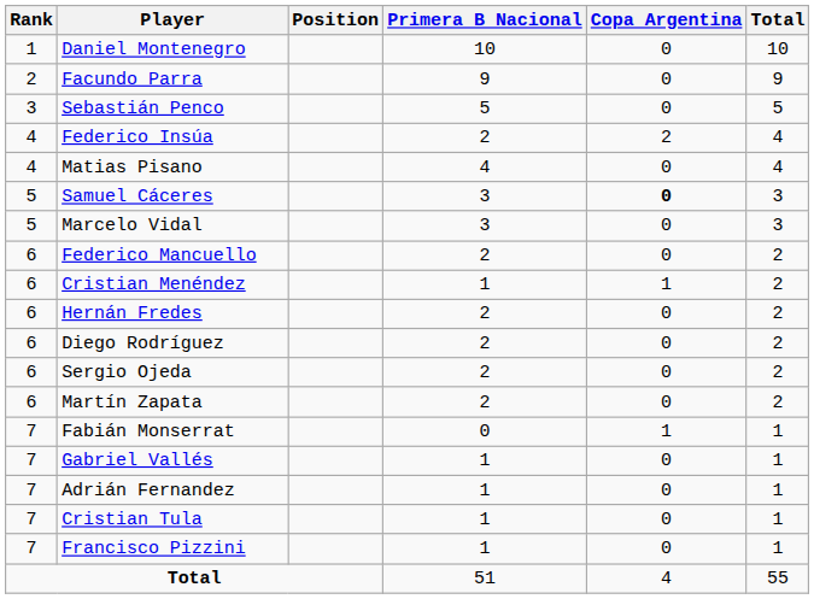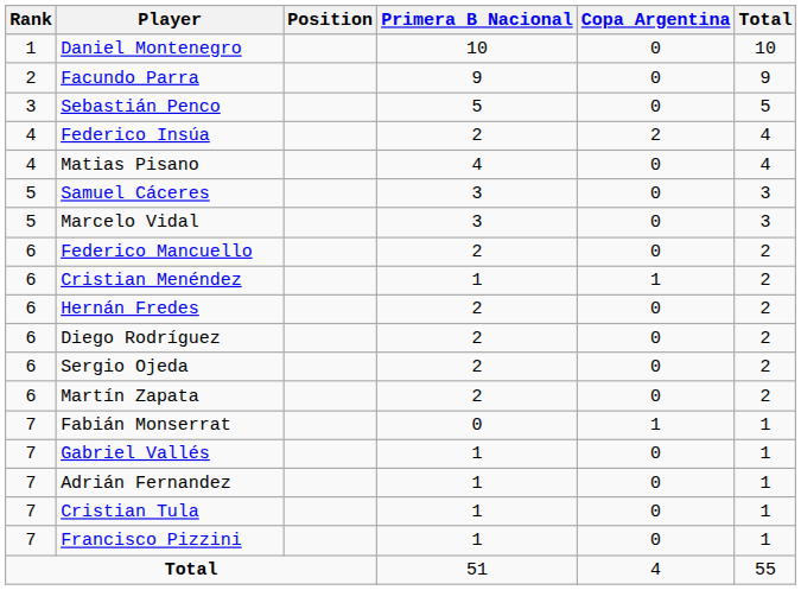 <table class="wikitable">
 <tr>
 <th>Rank</th>
 <th style="width:160px;">Player</th>
 <th>Position</th>
 <th><a href='#'>Primera B Nacional</a></th>
 <th><a href='#'>Copa Argentina</a></th>
 <th>Total</th>
 </tr>
 <tr>
 <td align=center>1</td>
 <td> <a href='#'>Daniel Montenegro</a></td>
 <td align=center></td>
 <td align=center>10</td>
 <td align=center>0</td>
 <td align=center>10</td>
 </tr>
 <tr>
 <td align=center>2</td>
 <td> <a href='#'>Facundo Parra</a></td>
 <td align=center></td>
 <td align=center>9</td>
 <td align=center>0</td>
 <td align=center>9</td>
 </tr>
 <tr>
 <td align=center>3</td>
 <td> <a href='#'>Sebastián Penco</a></td>
 <td align=center></td>
 <td align=center>5</td>
 <td align=center>0</td>
 <td align=center>5</td>
 </tr>
 <tr>
 <td align=center>4</td>
 <td> <a href='#'>Federico Insúa</a></td>
 <td align=center></td>
 <td align=center>2</td>
 <td align=center>2</td>
 <td align=center>4</td>
 </tr>
 <tr>
 <td align=center>4</td>
 <td> Matias Pisano</td>
 <td align=center></td>
 <td align=center>4</td>
 <td align=center>0</td>
 <td align=center>4</td>
 </tr>
 <tr>
 <td align=center>5</td>
 <td> <a href='#'>Samuel Cáceres</a></td>
 <td align=center></td>
 <td align=center>3</td>
-<td align=center><strong>0</strong></td>
+<td align=center>0</td>
 <td align=center>3</td>
 </tr>
 <tr>
 <td align=center>5</td>
 <td> Marcelo Vidal</td>
 <td align=center></td>
 <td align=center>3</td>
 <td align=center>0</td>
 <td align=center>3</td>
 </tr>
 <tr>
 <td align=center>6</td>
 <td> <a href='#'>Federico Mancuello</a></td>
 <td align=center></td>
 <td align=center>2</td>
 <td align=center>0</td>
 <td align=center>2</td>
 </tr>
 <tr>
 <td align=center>6</td>
 <td> <a href='#'>Cristian Menéndez</a></td>
 <td align=center></td>
 <td align=center>1</td>
 <td align=center>1</td>
 <td align=center>2</td>
 </tr>
 <tr>
 <td align=center>6</td>
 <td> <a href='#'>Hernán Fredes</a></td>
 <td align=center></td>
 <td align=center>2</td>
 <td align=center>0</td>
 <td align=center>2</td>
 </tr>
 <tr>
 <td align=center>6</td>
 <td> Diego Rodríguez</td>
 <td align=center></td>
 <td align=center>2</td>
 <td align=center>0</td>
 <td align=center>2</td>
 </tr>
 <tr>
 <td align=center>6</td>
 <td> Sergio Ojeda</td>
 <td align=center></td>
 <td align=center>2</td>
 <td align=center>0</td>
 <td align=center>2</td>
 </tr>
 <tr>
 <td align=center>6</td>
 <td> Martín Zapata</td>
 <td align=center></td>
 <td align=center>2</td>
 <td align=center>0</td>
 <td align=center>2</td>
 </tr>
 <tr>
 <td align=center>7</td>
 <td> Fabián Monserrat</td>
 <td align=center></td>
 <td align=center>0</td>
 <td align=center>1</td>
 <td align=center>1</td>
 </tr>
 <tr>
 <td align=center>7</td>
 <td> <a href='#'>Gabriel Vallés</a></td>
 <td align=center></td>
 <td align=center>1</td>
 <td align=center>0</td>
 <td align=center>1</td>
 </tr>
 <tr>
 <td align=center>7</td>
 <td> Adrián Fernandez</td>
 <td align=center></td>
 <td align=center>1</td>
 <td align=center>0</td>
 <td align=center>1</td>
 </tr>
 <tr>
 <td align=center>7</td>
 <td> <a href='#'>Cristian Tula</a></td>
 <td align=center></td>
 <td align=center>1</td>
 <td align=center>0</td>
 <td align=center>1</td>
 </tr>
 <tr>
 <td align=center>7</td>
 <td> <a href='#'>Francisco Pizzini</a></td>
 <td align=center></td>
 <td align=center>1</td>
 <td align=center>0</td>
 <td align=center>1</td>
 </tr>
 <tr>
 <td align=center colspan=3><strong>Total</strong></td>
 <td align=center>51</td>
 <td align=center>4</td>
 <td align=center>55</td>
 </tr>
 </table>
